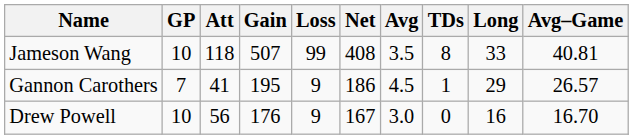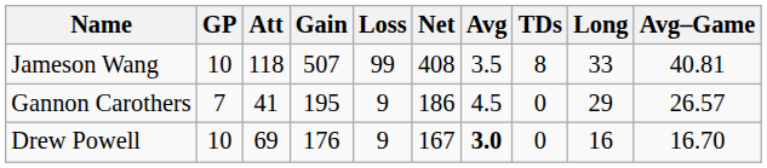 <table class="wikitable">
 <tr>
 <th>Name</th>
 <th>GP</th>
 <th>Att</th>
 <th>Gain</th>
 <th>Loss</th>
 <th>Net</th>
 <th>Avg</th>
 <th>TDs</th>
 <th>Long</th>
 <th>Avg–Game</th>
 </tr>
 <tr>
 <td>Jameson Wang</td>
 <td align=center>10</td>
 <td align=center>118</td>
 <td align=center>507</td>
 <td align=center>99</td>
 <td align=center>408</td>
 <td align=center>3.5</td>
 <td align=center>8</td>
 <td align=center>33</td>
 <td align=center>40.81</td>
 </tr>
 <tr>
 <td>Gannon Carothers</td>
 <td align=center>7</td>
 <td align=center>41</td>
 <td align=center>195</td>
 <td align=center>9</td>
 <td align=center>186</td>
 <td align=center>4.5</td>
-<td align=center>1</td>
+<td align=center>0</td>
 <td align=center>29</td>
 <td align=center>26.57</td>
 </tr>
 <tr>
 <td>Drew Powell</td>
 <td align=center>10</td>
-<td align=center>56</td>
+<td align=center>69</td>
 <td align=center>176</td>
 <td align=center>9</td>
 <td align=center>167</td>
-<td align=center>3.0</td>
+<td align=center><strong>3.0</strong></td>
 <td align=center>0</td>
 <td align=center>16</td>
 <td align=center>16.70</td>
 </tr>
 </table>
